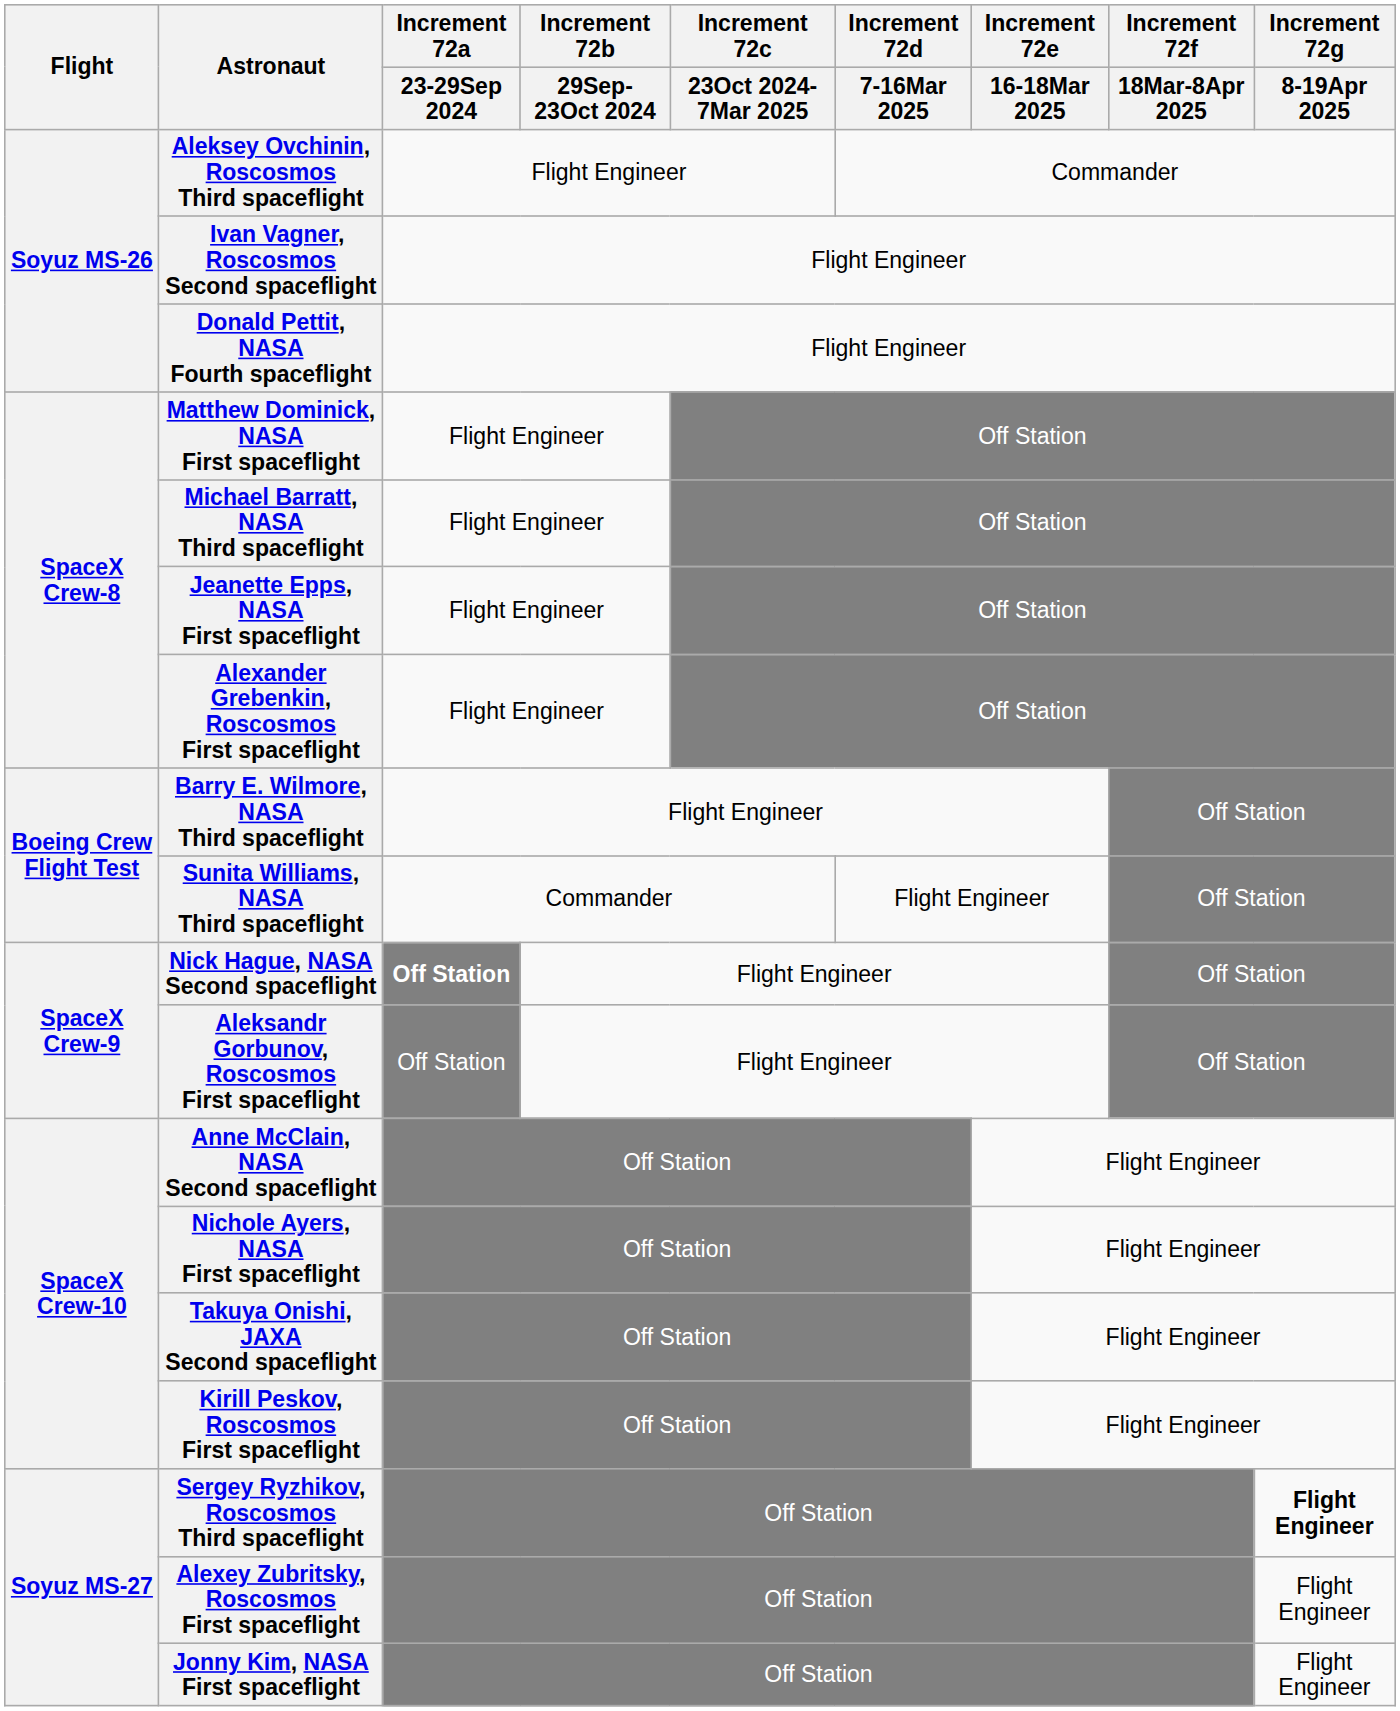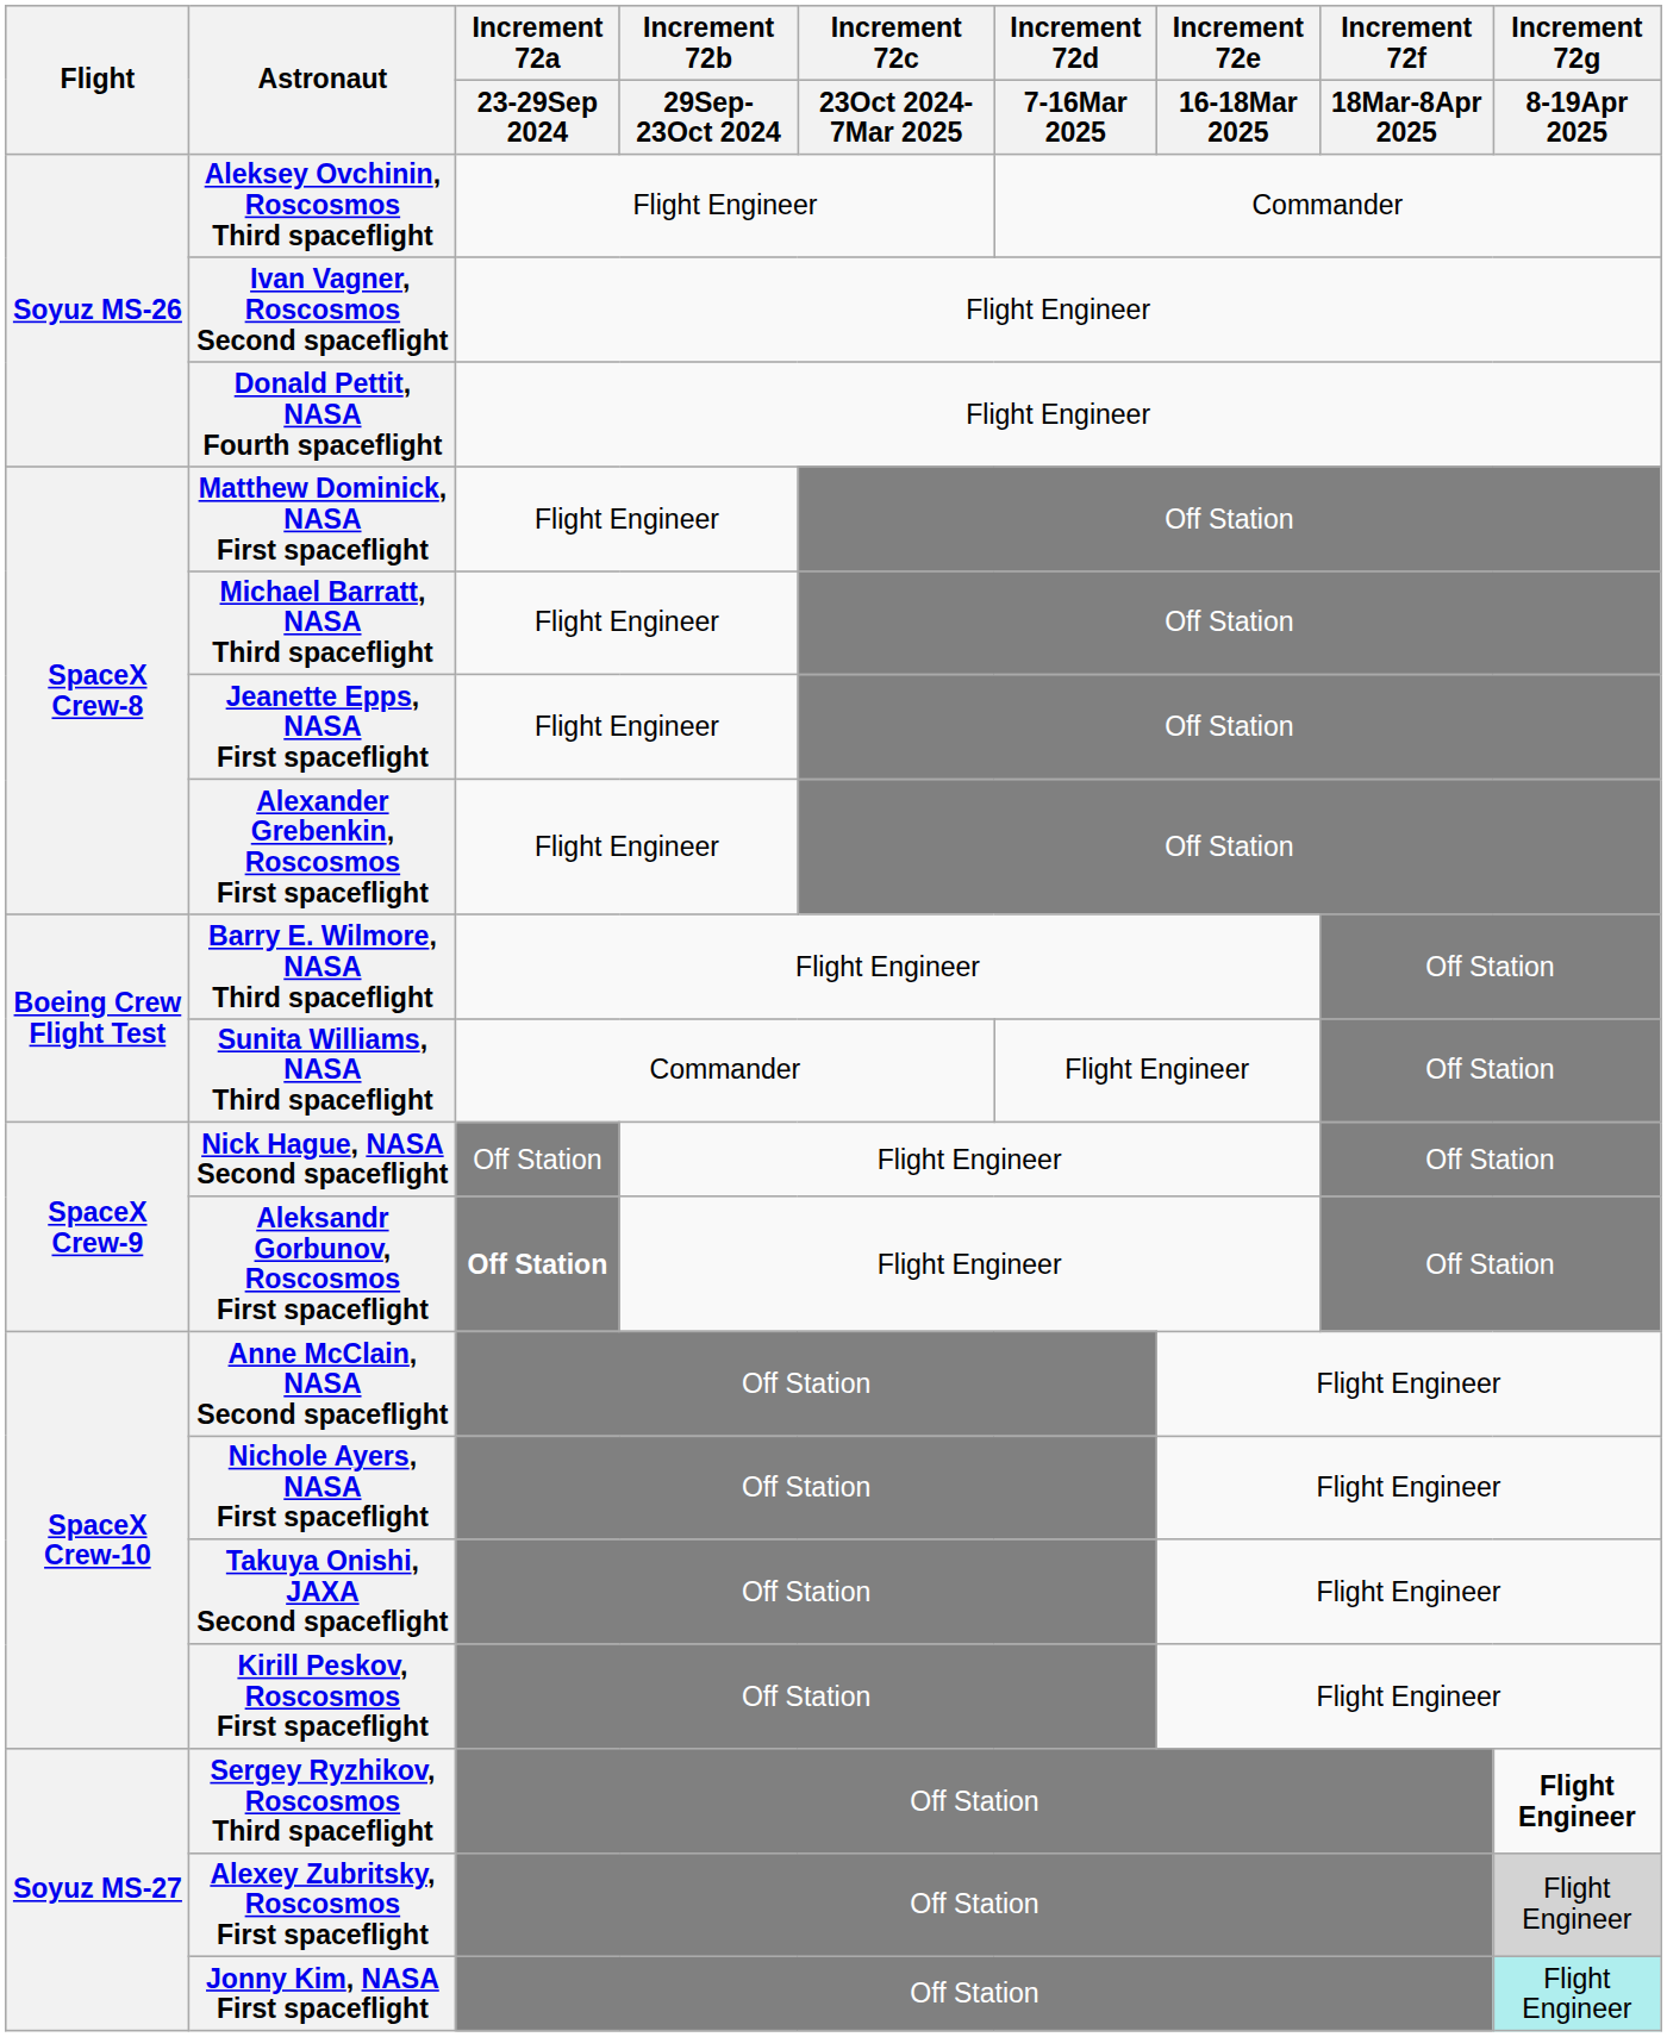 <table class="wikitable sortable sticky-header-multi" style="font-size: 90%; text-align:center">
 <tr>
 <th class="unsortable" rowspan="2">Flight</th>
 <th class="unsortable" rowspan="2">Astronaut</th>
 <th>Increment 72a</th>
 <th>Increment 72b</th>
 <th>Increment 72c</th>
 <th>Increment 72d</th>
 <th>Increment 72e</th>
 <th>Increment 72f</th>
 <th>Increment 72g</th>
 </tr>
 <tr>
 <th class="unsortable">23-29Sep 2024</th>
 <th class="unsortable">29Sep-23Oct 2024</th>
 <th class="unsortable">23Oct 2024-7Mar 2025</th>
 <th class="unsortable">7-16Mar 2025</th>
 <th class="unsortable">16-18Mar 2025</th>
 <th class="unsortable">18Mar-8Apr 2025</th>
 <th class="unsortable">8-19Apr 2025</th>
 </tr>
 <tr>
 <th rowspan="3"><a href='#'>Soyuz MS-26</a></th>
 <th> <a href='#'>Aleksey Ovchinin</a>, <a href='#'>Roscosmos</a><br>Third spaceflight</th>
 <td colspan="3">Flight Engineer</td>
 <td colspan="4">Commander</td>
 </tr>
 <tr>
 <th>   <a href='#'>Ivan Vagner</a>, <a href='#'>Roscosmos</a><br>Second spaceflight</th>
 <td colspan="7">Flight Engineer</td>
 </tr>
 <tr>
 <th> <a href='#'>Donald Pettit</a>, <a href='#'>NASA</a><br>Fourth spaceflight</th>
 <td colspan="7">Flight Engineer</td>
 </tr>
 <tr>
 <th rowspan="4"><a href='#'>SpaceX Crew-8</a></th>
 <th> <a href='#'>Matthew Dominick</a>, <a href='#'>NASA</a><br>First spaceflight</th>
 <td colspan="2">Flight Engineer</td>
 <td colspan="5" style="background:grey; color:white;">Off Station</td>
 </tr>
 <tr>
 <th>  <a href='#'>Michael Barratt</a>, <a href='#'>NASA</a><br>Third spaceflight</th>
 <td colspan="2">Flight Engineer</td>
 <td colspan="5" style="background:grey; color:white;">Off Station</td>
 </tr>
 <tr>
 <th> <a href='#'>Jeanette Epps</a>, <a href='#'>NASA</a><br>First spaceflight</th>
 <td colspan="2">Flight Engineer</td>
 <td colspan="5" style="background:grey; color:white;">Off Station</td>
 </tr>
 <tr>
 <th> <a href='#'>Alexander Grebenkin</a>, <a href='#'>Roscosmos</a><br>First spaceflight</th>
 <td colspan="2">Flight Engineer</td>
 <td colspan="5" style="background:grey; color:white;">Off Station</td>
 </tr>
 <tr>
 <th rowspan="2"><a href='#'>Boeing Crew Flight Test</a></th>
 <th> <a href='#'>Barry E. Wilmore</a>, <a href='#'>NASA</a><br>Third spaceflight</th>
 <td colspan="5">Flight Engineer</td>
 <td colspan="2" style="background:grey; color:white;">Off Station</td>
 </tr>
 <tr>
 <th> <a href='#'>Sunita Williams</a>, <a href='#'>NASA</a><br>Third spaceflight</th>
 <td colspan="3">Commander</td>
 <td colspan="2">Flight Engineer</td>
 <td colspan="2" style="background:grey; color:white;">Off Station</td>
 </tr>
 <tr>
 <th rowspan="2"><a href='#'>SpaceX Crew-9</a><br></th>
 <th> <a href='#'>Nick Hague</a>, <a href='#'>NASA</a><br>Second spaceflight</th>
-<td style="background:grey; color:white;"><strong>Off Station</strong></td>
+<td style="background:grey; color:white;">Off Station</td>
 <td colspan="4">Flight Engineer</td>
 <td colspan="2" style="background:grey; color:white;">Off Station</td>
 </tr>
 <tr>
 <th> <a href='#'>Aleksandr Gorbunov</a>, <a href='#'>Roscosmos</a><br>First spaceflight</th>
-<td style="background:grey; color:white;">Off Station</td>
+<td style="background:grey; color:white;"><strong>Off Station</strong></td>
 <td colspan="4">Flight Engineer</td>
 <td colspan="2" style="background:grey; color:white;">Off Station</td>
 </tr>
 <tr>
 <th rowspan="4"><a href='#'>SpaceX Crew-10</a><br></th>
 <th> <a href='#'>Anne McClain</a>, <a href='#'>NASA</a><br>Second spaceflight</th>
 <td colspan="4" style="background:grey; color:white;">Off Station</td>
 <td colspan="3">Flight Engineer</td>
 </tr>
 <tr>
 <th> <a href='#'>Nichole Ayers</a>, <a href='#'>NASA</a><br>First spaceflight</th>
 <td colspan="4" style="background:grey; color:white;">Off Station</td>
 <td colspan="3">Flight Engineer</td>
 </tr>
 <tr>
 <th> <a href='#'>Takuya Onishi</a>, <a href='#'>JAXA</a><br>Second spaceflight</th>
 <td colspan="4" style="background:grey; color:white;">Off Station</td>
 <td colspan="3">Flight Engineer</td>
 </tr>
 <tr>
 <th> <a href='#'>Kirill Peskov</a>, <a href='#'>Roscosmos</a><br>First spaceflight</th>
 <td colspan="4" style="background:grey; color:white;">Off Station</td>
 <td colspan="3">Flight Engineer</td>
 </tr>
 <tr>
 <th rowspan="3"><a href='#'>Soyuz MS-27</a></th>
 <th> <a href='#'>Sergey Ryzhikov</a>, <a href='#'>Roscosmos</a><br>Third spaceflight</th>
 <td colspan="6" style="background:grey; color:white;">Off Station</td>
 <td><strong>Flight Engineer</strong></td>
 </tr>
 <tr>
 <th> <a href='#'>Alexey Zubritsky</a>, <a href='#'>Roscosmos</a><br>First spaceflight</th>
 <td colspan="6" style="background:grey; color:white;">Off Station</td>
-<td>Flight Engineer</td>
+<td style="background: lightgrey;">Flight Engineer</td>
 </tr>
 <tr>
 <th> <a href='#'>Jonny Kim</a>, <a href='#'>NASA</a><br>First spaceflight</th>
 <td colspan="6" style="background:grey; color:white;">Off Station</td>
-<td>Flight Engineer</td>
+<td style="background: paleturquoise;">Flight Engineer</td>
 </tr>
 </table>
